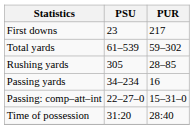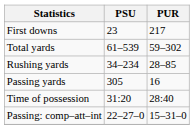 <table class="wikitable" style="float: left;">
 <tr>
 <th>Statistics</th>
 <th>PSU</th>
 <th>PUR</th>
 </tr>
 <tr>
 <td>First downs</td>
 <td>23</td>
 <td>217</td>
 </tr>
 <tr>
 <td>Total yards</td>
 <td>61–539</td>
 <td>59–302</td>
 </tr>
 <tr>
 <td>Rushing yards</td>
-<td>305</td>
+<td>34–234</td>
 <td>28–85</td>
 </tr>
 <tr>
 <td>Passing yards</td>
-<td>34–234</td>
+<td>305</td>
 <td>16</td>
+</tr>
+<tr>
+<td>Time of possession</td>
+<td>31:20</td>
+<td>28:40</td>
 </tr>
 <tr>
 <td>Passing: comp–att–int</td>
 <td>22–27–0</td>
 <td>15–31–0</td>
 </tr>
 <tr>
-<td>Time of possession</td>
-<td>31:20</td>
-<td>28:40</td>
-</tr>
-<tr>
 </tr>
 </table>
